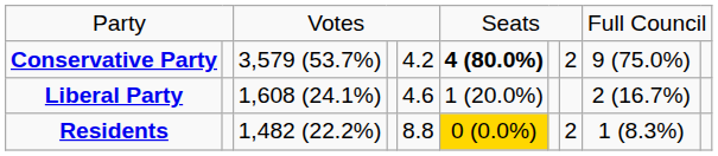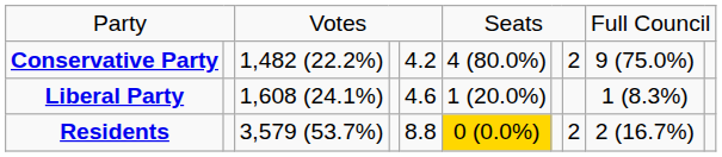 <table class=wikitable style="text-align:center;">
 <tr>
 <td colspan=2>Party</td>
 <td colspan=3>Votes</td>
 <td colspan=3>Seats</td>
 <td colspan=3>Full Council</td>
 </tr>
 <tr>
 <td><strong><a href='#'>Conservative Party</a></strong></td>
 <td style="background:"></td>
-<td>3,579 (53.7%)</td>
+<td>1,482 (22.2%)</td>
 <td></td>
 <td> 4.2</td>
-<td><strong>4 (80.0%)</strong></td>
+<td>4 (80.0%)</td>
 <td></td>
 <td> 2</td>
 <td>9 (75.0%)</td>
 <td></td>
 </tr>
 <tr>
 <td><strong><a href='#'>Liberal Party</a></strong></td>
 <td style="background:"></td>
 <td>1,608 (24.1%)</td>
 <td></td>
 <td> 4.6</td>
 <td>1 (20.0%)</td>
 <td></td>
 <td></td>
-<td>2 (16.7%)</td>
+<td>1 (8.3%)</td>
 <td></td>
 </tr>
 <tr>
 <td><strong><a href='#'>Residents</a></strong></td>
 <td style="background:"></td>
-<td>1,482 (22.2%)</td>
+<td>3,579 (53.7%)</td>
 <td></td>
 <td> 8.8</td>
 <td style="background: gold;">0 (0.0%)</td>
 <td></td>
 <td> 2</td>
-<td>1 (8.3%)</td>
+<td>2 (16.7%)</td>
 <td></td>
 </tr>
 </table>
